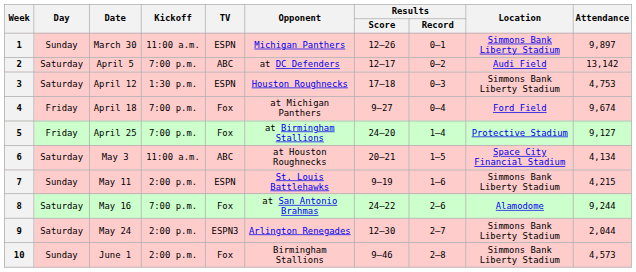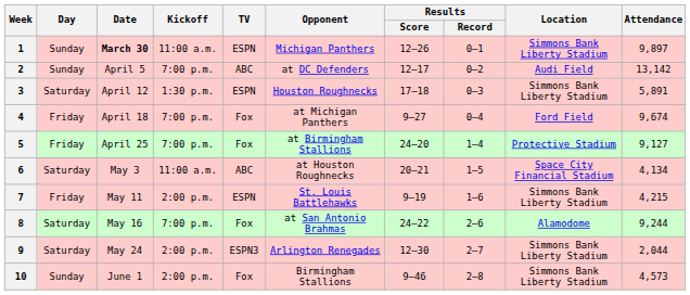 <table class="wikitable" style="text-align:center; font-size: 95%;">
 <tr>
 <th rowspan="2" width="40">Week</th>
 <th rowspan="2" width="80">Day</th>
 <th rowspan="2" width="90">Date</th>
 <th rowspan="2" width="90">Kickoff</th>
 <th rowspan="2" width="60">TV</th>
 <th rowspan="2" width="200">Opponent</th>
 <th colspan="2" width="200">Results</th>
 <th rowspan="2" width="200">Location</th>
 <th rowspan="2">Attendance</th>
 </tr>
 <tr>
 <th width="60">Score</th>
 <th width="60">Record</th>
 </tr>
 <tr style="background:#ffcccc">
 <th>1</th>
 <td>Sunday</td>
-<td>March 30</td>
+<td><strong>March 30</strong></td>
 <td>11:00 a.m.</td>
 <td>ESPN</td>
 <td><a href='#'>Michigan Panthers</a></td>
 <td>12–26</td>
 <td>0–1</td>
 <td><a href='#'>Simmons Bank Liberty Stadium</a></td>
 <td>9,897</td>
 </tr>
 <tr style="background:#ffcccc">
 <th>2</th>
-<td>Saturday</td>
+<td>Sunday</td>
 <td>April 5</td>
 <td>7:00 p.m.</td>
 <td>ABC</td>
 <td>at <a href='#'>DC Defenders</a></td>
 <td>12–17</td>
 <td>0–2</td>
 <td><a href='#'>Audi Field</a></td>
 <td>13,142</td>
 </tr>
 <tr style="background:#ffcccc">
 <th>3</th>
 <td>Saturday</td>
 <td>April 12</td>
 <td>1:30 p.m.</td>
 <td>ESPN</td>
 <td><a href='#'>Houston Roughnecks</a></td>
 <td>17–18</td>
 <td>0–3</td>
 <td>Simmons Bank Liberty Stadium</td>
-<td>4,753</td>
+<td>5,891</td>
 </tr>
 <tr style="background:#ffcccc">
 <th>4</th>
 <td>Friday</td>
 <td>April 18</td>
 <td>7:00 p.m.</td>
 <td>Fox</td>
 <td>at Michigan Panthers</td>
 <td>9–27</td>
 <td>0–4</td>
 <td><a href='#'>Ford Field</a></td>
 <td>9,674</td>
 </tr>
 <tr style="background:#ccffcc">
 <th>5</th>
 <td>Friday</td>
 <td>April 25</td>
 <td>7:00 p.m.</td>
 <td>Fox</td>
 <td>at <a href='#'>Birmingham Stallions</a></td>
 <td>24–20</td>
 <td>1–4</td>
 <td><a href='#'>Protective Stadium</a></td>
 <td>9,127</td>
 </tr>
 <tr style="background:#ffcccc">
 <th>6</th>
 <td>Saturday</td>
 <td>May 3</td>
 <td>11:00 a.m.</td>
 <td>ABC</td>
 <td>at Houston Roughnecks</td>
 <td>20–21</td>
 <td>1–5</td>
 <td><a href='#'>Space City Financial Stadium</a></td>
 <td>4,134</td>
 </tr>
 <tr style="background:#ffcccc">
 <th>7</th>
-<td>Sunday</td>
+<td>Friday</td>
 <td>May 11</td>
 <td>2:00 p.m.</td>
 <td>ESPN</td>
 <td><a href='#'>St. Louis Battlehawks</a></td>
 <td>9–19</td>
 <td>1–6</td>
 <td>Simmons Bank Liberty Stadium</td>
 <td>4,215</td>
 </tr>
 <tr style="background:#ccffcc">
 <th>8</th>
 <td>Saturday</td>
 <td>May 16</td>
 <td>7:00 p.m.</td>
 <td>Fox</td>
 <td>at <a href='#'>San Antonio Brahmas</a></td>
 <td>24–22</td>
 <td>2–6</td>
 <td><a href='#'>Alamodome</a></td>
 <td>9,244</td>
 </tr>
 <tr style="background:#ffcccc">
 <th>9</th>
 <td>Saturday</td>
 <td>May 24</td>
 <td>2:00 p.m.</td>
 <td>ESPN3</td>
 <td><a href='#'>Arlington Renegades</a></td>
 <td>12–30</td>
 <td>2–7</td>
 <td>Simmons Bank Liberty Stadium</td>
 <td>2,044</td>
 </tr>
 <tr style="background:#ffcccc">
 <th>10</th>
 <td>Sunday</td>
 <td>June 1</td>
 <td>2:00 p.m.</td>
 <td>Fox</td>
 <td>Birmingham Stallions</td>
 <td>9–46</td>
 <td>2–8</td>
 <td>Simmons Bank Liberty Stadium</td>
 <td>4,573</td>
 </tr>
 </table>
